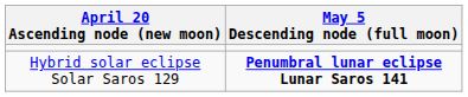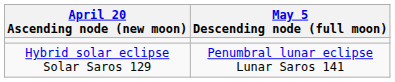 <table class="wikitable">
 <tr>
 <th><a href='#'>April 20</a><br>Ascending node (new moon)<br></th>
 <th><a href='#'>May 5</a><br>Descending node (full moon)<br></th>
 </tr>
 <tr>
 <td></td>
 <td></td>
 </tr>
 <tr align=center>
 <td><a href='#'>Hybrid solar eclipse</a><br>Solar Saros 129</td>
-<td><strong><a href='#'>Penumbral lunar eclipse</a><br>Lunar Saros 141</strong></td>
+<td><a href='#'>Penumbral lunar eclipse</a><br>Lunar Saros 141</td>
 </tr>
 </table>
